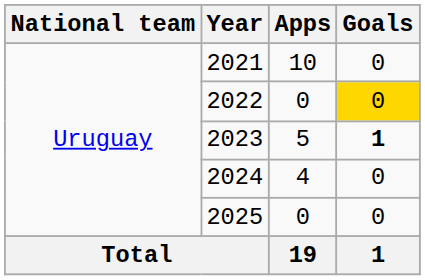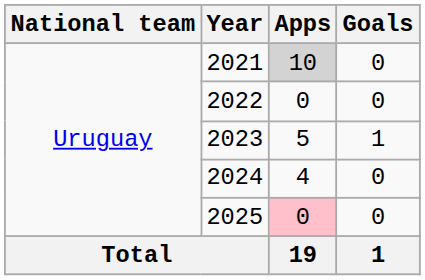 <table class="wikitable" style="text-align:center">
 <tr>
 <th>National team</th>
 <th>Year</th>
 <th>Apps</th>
 <th>Goals</th>
 </tr>
 <tr>
 <td rowspan="5"><a href='#'>Uruguay</a></td>
 <td>2021</td>
-<td>10</td>
+<td style="background: lightgrey;">10</td>
 <td>0</td>
 </tr>
 <tr>
 <td>2022</td>
 <td>0</td>
-<td style="background: gold;">0</td>
+<td>0</td>
 </tr>
 <tr>
 <td>2023</td>
 <td>5</td>
-<td><strong>1</strong></td>
+<td>1</td>
 </tr>
 <tr>
 <td>2024</td>
 <td>4</td>
 <td>0</td>
 </tr>
 <tr>
 <td>2025</td>
-<td>0</td>
+<td style="background: pink;">0</td>
 <td>0</td>
 </tr>
 <tr>
 <th colspan="2">Total</th>
 <th>19</th>
 <th>1</th>
 </tr>
 </table>
